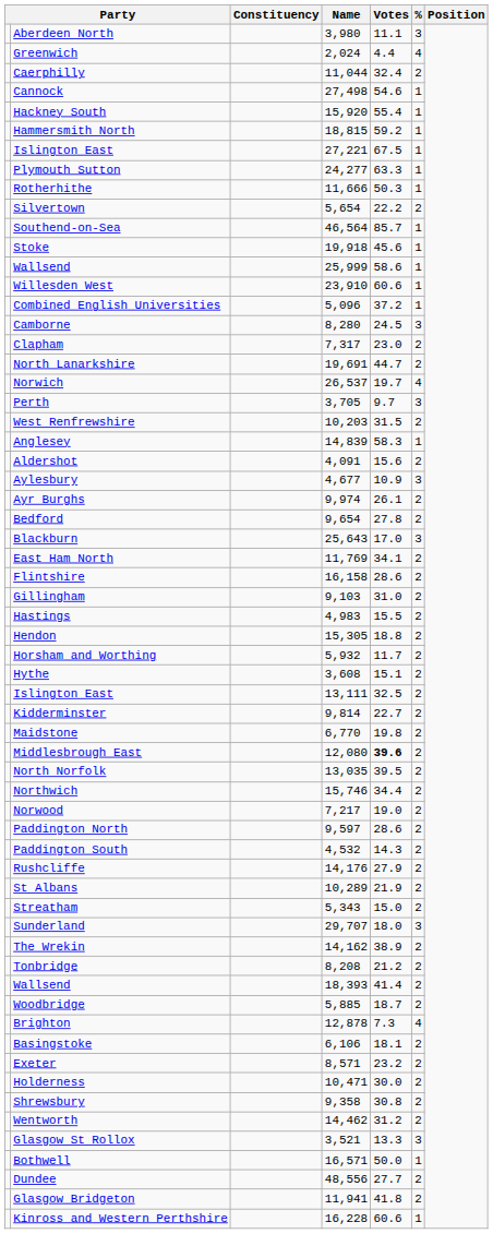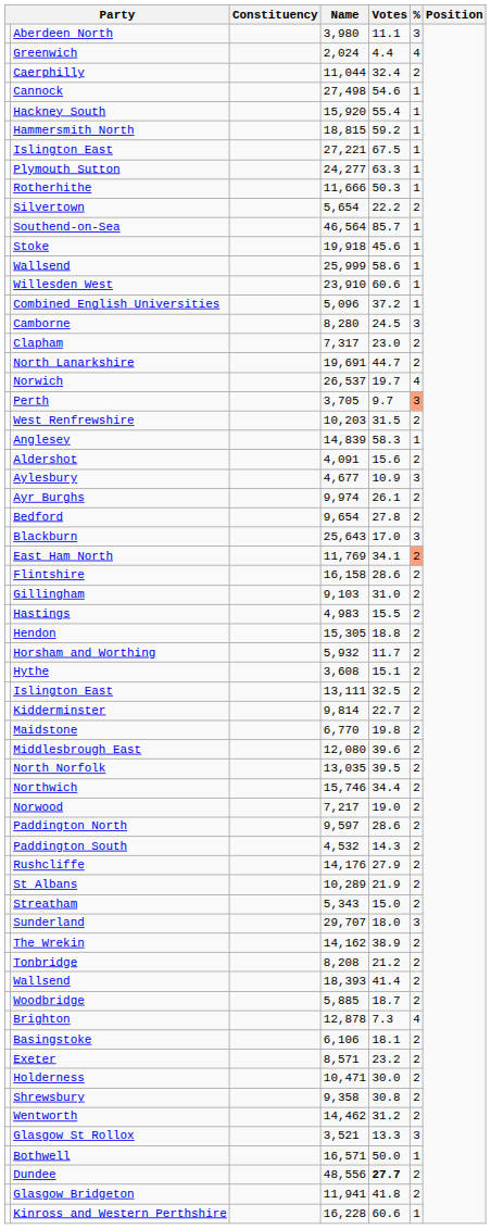 <table class="wikitable sortable">
 <tr>
 <th colspan=2>Party</th>
 <th>Constituency</th>
 <th>Name</th>
 <th>Votes</th>
 <th>%</th>
 <th>Position</th>
 </tr>
 <tr>
 <td></td>
 <td><a href='#'>Aberdeen North</a></td>
 <td></td>
 <td>3,980</td>
 <td>11.1</td>
 <td>3</td>
 </tr>
 <tr>
 <td></td>
 <td><a href='#'>Greenwich</a></td>
 <td></td>
 <td>2,024</td>
 <td>4.4</td>
 <td>4</td>
 </tr>
 <tr>
 <td></td>
 <td><a href='#'>Caerphilly</a></td>
 <td></td>
 <td>11,044</td>
 <td>32.4</td>
 <td>2</td>
 </tr>
 <tr>
 <td></td>
 <td><a href='#'>Cannock</a></td>
 <td></td>
 <td>27,498</td>
 <td>54.6</td>
 <td>1</td>
 </tr>
 <tr>
 <td></td>
 <td><a href='#'>Hackney South</a></td>
 <td></td>
 <td>15,920</td>
 <td>55.4</td>
 <td>1</td>
 </tr>
 <tr>
 <td></td>
 <td><a href='#'>Hammersmith North</a></td>
 <td></td>
 <td>18,815</td>
 <td>59.2</td>
 <td>1</td>
 </tr>
 <tr>
 <td></td>
 <td><a href='#'>Islington East</a></td>
 <td></td>
 <td>27,221</td>
 <td>67.5</td>
 <td>1</td>
 </tr>
 <tr>
 <td></td>
 <td><a href='#'>Plymouth Sutton</a></td>
 <td></td>
 <td>24,277</td>
 <td>63.3</td>
 <td>1</td>
 </tr>
 <tr>
 <td></td>
 <td><a href='#'>Rotherhithe</a></td>
 <td></td>
 <td>11,666</td>
 <td>50.3</td>
 <td>1</td>
 </tr>
 <tr>
 <td></td>
 <td><a href='#'>Silvertown</a></td>
 <td></td>
 <td>5,654</td>
 <td>22.2</td>
 <td>2</td>
 </tr>
 <tr>
 <td></td>
 <td><a href='#'>Southend-on-Sea</a></td>
 <td></td>
 <td>46,564</td>
 <td>85.7</td>
 <td>1</td>
 </tr>
 <tr>
 <td></td>
 <td><a href='#'>Stoke</a></td>
 <td></td>
 <td>19,918</td>
 <td>45.6</td>
 <td>1</td>
 </tr>
 <tr>
 <td></td>
 <td><a href='#'>Wallsend</a></td>
 <td></td>
 <td>25,999</td>
 <td>58.6</td>
 <td>1</td>
 </tr>
 <tr>
 <td></td>
 <td><a href='#'>Willesden West</a></td>
 <td></td>
 <td>23,910</td>
 <td>60.6</td>
 <td>1</td>
 </tr>
 <tr>
 <td></td>
 <td><a href='#'>Combined English Universities</a></td>
 <td></td>
 <td>5,096</td>
 <td>37.2</td>
 <td>1</td>
 </tr>
 <tr>
 <td></td>
 <td><a href='#'>Camborne</a></td>
 <td></td>
 <td>8,280</td>
 <td>24.5</td>
 <td>3</td>
 </tr>
 <tr>
 <td></td>
 <td><a href='#'>Clapham</a></td>
 <td></td>
 <td>7,317</td>
 <td>23.0</td>
 <td>2</td>
 </tr>
 <tr>
 <td></td>
 <td><a href='#'>North Lanarkshire</a></td>
 <td></td>
 <td>19,691</td>
 <td>44.7</td>
 <td>2</td>
 </tr>
 <tr>
 <td></td>
 <td><a href='#'>Norwich</a></td>
 <td></td>
 <td>26,537</td>
 <td>19.7</td>
 <td>4</td>
 </tr>
 <tr>
 <td></td>
 <td><a href='#'>Perth</a></td>
 <td></td>
 <td>3,705</td>
 <td>9.7</td>
-<td>3</td>
+<td style="background: lightsalmon;">3</td>
 </tr>
 <tr>
 <td></td>
 <td><a href='#'>West Renfrewshire</a></td>
 <td></td>
 <td>10,203</td>
 <td>31.5</td>
 <td>2</td>
 </tr>
 <tr>
 <td></td>
 <td><a href='#'>Anglesey</a></td>
 <td></td>
 <td>14,839</td>
 <td>58.3</td>
 <td>1</td>
 </tr>
 <tr>
 <td></td>
 <td><a href='#'>Aldershot</a></td>
 <td></td>
 <td>4,091</td>
 <td>15.6</td>
 <td>2</td>
 </tr>
 <tr>
 <td></td>
 <td><a href='#'>Aylesbury</a></td>
 <td></td>
 <td>4,677</td>
 <td>10.9</td>
 <td>3</td>
 </tr>
 <tr>
 <td></td>
 <td><a href='#'>Ayr Burghs</a></td>
 <td></td>
 <td>9,974</td>
 <td>26.1</td>
 <td>2</td>
 </tr>
 <tr>
 <td></td>
 <td><a href='#'>Bedford</a></td>
 <td></td>
 <td>9,654</td>
 <td>27.8</td>
 <td>2</td>
 </tr>
 <tr>
 <td></td>
 <td><a href='#'>Blackburn</a></td>
 <td></td>
 <td>25,643</td>
 <td>17.0</td>
 <td>3</td>
 </tr>
 <tr>
 <td></td>
 <td><a href='#'>East Ham North</a></td>
 <td></td>
 <td>11,769</td>
 <td>34.1</td>
-<td>2</td>
+<td style="background: lightsalmon;">2</td>
 </tr>
 <tr>
 <td></td>
 <td><a href='#'>Flintshire</a></td>
 <td></td>
 <td>16,158</td>
 <td>28.6</td>
 <td>2</td>
 </tr>
 <tr>
 <td></td>
 <td><a href='#'>Gillingham</a></td>
 <td></td>
 <td>9,103</td>
 <td>31.0</td>
 <td>2</td>
 </tr>
 <tr>
 <td></td>
 <td><a href='#'>Hastings</a></td>
 <td></td>
 <td>4,983</td>
 <td>15.5</td>
 <td>2</td>
 </tr>
 <tr>
 <td></td>
 <td><a href='#'>Hendon</a></td>
 <td></td>
 <td>15,305</td>
 <td>18.8</td>
 <td>2</td>
 </tr>
 <tr>
 <td></td>
 <td><a href='#'>Horsham and Worthing</a></td>
 <td></td>
 <td>5,932</td>
 <td>11.7</td>
 <td>2</td>
 </tr>
 <tr>
 <td></td>
 <td><a href='#'>Hythe</a></td>
 <td></td>
 <td>3,608</td>
 <td>15.1</td>
 <td>2</td>
 </tr>
 <tr>
 <td></td>
 <td><a href='#'>Islington East</a></td>
 <td></td>
 <td>13,111</td>
 <td>32.5</td>
 <td>2</td>
 </tr>
 <tr>
 <td></td>
 <td><a href='#'>Kidderminster</a></td>
 <td></td>
 <td>9,814</td>
 <td>22.7</td>
 <td>2</td>
 </tr>
 <tr>
 <td></td>
 <td><a href='#'>Maidstone</a></td>
 <td></td>
 <td>6,770</td>
 <td>19.8</td>
 <td>2</td>
 </tr>
 <tr>
 <td></td>
 <td><a href='#'>Middlesbrough East</a></td>
 <td></td>
 <td>12,080</td>
-<td><strong>39.6</strong></td>
+<td>39.6</td>
 <td>2</td>
 </tr>
 <tr>
 <td></td>
 <td><a href='#'>North Norfolk</a></td>
 <td></td>
 <td>13,035</td>
 <td>39.5</td>
 <td>2</td>
 </tr>
 <tr>
 <td></td>
 <td><a href='#'>Northwich</a></td>
 <td></td>
 <td>15,746</td>
 <td>34.4</td>
 <td>2</td>
 </tr>
 <tr>
 <td></td>
 <td><a href='#'>Norwood</a></td>
 <td></td>
 <td>7,217</td>
 <td>19.0</td>
 <td>2</td>
 </tr>
 <tr>
 <td></td>
 <td><a href='#'>Paddington North</a></td>
 <td></td>
 <td>9,597</td>
 <td>28.6</td>
 <td>2</td>
 </tr>
 <tr>
 <td></td>
 <td><a href='#'>Paddington South</a></td>
 <td></td>
 <td>4,532</td>
 <td>14.3</td>
 <td>2</td>
 </tr>
 <tr>
 <td></td>
 <td><a href='#'>Rushcliffe</a></td>
 <td></td>
 <td>14,176</td>
 <td>27.9</td>
 <td>2</td>
 </tr>
 <tr>
 <td></td>
 <td><a href='#'>St Albans</a></td>
 <td></td>
 <td>10,289</td>
 <td>21.9</td>
 <td>2</td>
 </tr>
 <tr>
 <td></td>
 <td><a href='#'>Streatham</a></td>
 <td></td>
 <td>5,343</td>
 <td>15.0</td>
 <td>2</td>
 </tr>
 <tr>
 <td></td>
 <td><a href='#'>Sunderland</a></td>
 <td></td>
 <td>29,707</td>
 <td>18.0</td>
 <td>3</td>
 </tr>
 <tr>
 <td></td>
 <td><a href='#'>The Wrekin</a></td>
 <td></td>
 <td>14,162</td>
 <td>38.9</td>
 <td>2</td>
 </tr>
 <tr>
 <td></td>
 <td><a href='#'>Tonbridge</a></td>
 <td></td>
 <td>8,208</td>
 <td>21.2</td>
 <td>2</td>
 </tr>
 <tr>
 <td></td>
 <td><a href='#'>Wallsend</a></td>
 <td></td>
 <td>18,393</td>
 <td>41.4</td>
 <td>2</td>
 </tr>
 <tr>
 <td></td>
 <td><a href='#'>Woodbridge</a></td>
 <td></td>
 <td>5,885</td>
 <td>18.7</td>
 <td>2</td>
 </tr>
 <tr>
 <td></td>
 <td><a href='#'>Brighton</a></td>
 <td></td>
 <td>12,878</td>
 <td>7.3</td>
 <td>4</td>
 </tr>
 <tr>
 <td></td>
 <td><a href='#'>Basingstoke</a></td>
 <td></td>
 <td>6,106</td>
 <td>18.1</td>
 <td>2</td>
 </tr>
 <tr>
 <td></td>
 <td><a href='#'>Exeter</a></td>
 <td></td>
 <td>8,571</td>
 <td>23.2</td>
 <td>2</td>
 </tr>
 <tr>
 <td></td>
 <td><a href='#'>Holderness</a></td>
 <td></td>
 <td>10,471</td>
 <td>30.0</td>
 <td>2</td>
 </tr>
 <tr>
 <td></td>
 <td><a href='#'>Shrewsbury</a></td>
 <td></td>
 <td>9,358</td>
 <td>30.8</td>
 <td>2</td>
 </tr>
 <tr>
 <td></td>
 <td><a href='#'>Wentworth</a></td>
 <td></td>
 <td>14,462</td>
 <td>31.2</td>
 <td>2</td>
 </tr>
 <tr>
 <td></td>
 <td><a href='#'>Glasgow St Rollox</a></td>
 <td></td>
 <td>3,521</td>
 <td>13.3</td>
 <td>3</td>
 </tr>
 <tr>
 <td></td>
 <td><a href='#'>Bothwell</a></td>
 <td></td>
 <td>16,571</td>
 <td>50.0</td>
 <td>1</td>
 </tr>
 <tr>
 <td></td>
 <td><a href='#'>Dundee</a></td>
 <td></td>
 <td>48,556</td>
-<td>27.7</td>
+<td><strong>27.7</strong></td>
 <td>2</td>
 </tr>
 <tr>
 <td></td>
 <td><a href='#'>Glasgow Bridgeton</a></td>
 <td></td>
 <td>11,941</td>
 <td>41.8</td>
 <td>2</td>
 </tr>
 <tr>
 <td></td>
 <td><a href='#'>Kinross and Western Perthshire</a></td>
 <td></td>
 <td>16,228</td>
 <td>60.6</td>
 <td>1</td>
 </tr>
 </table>
